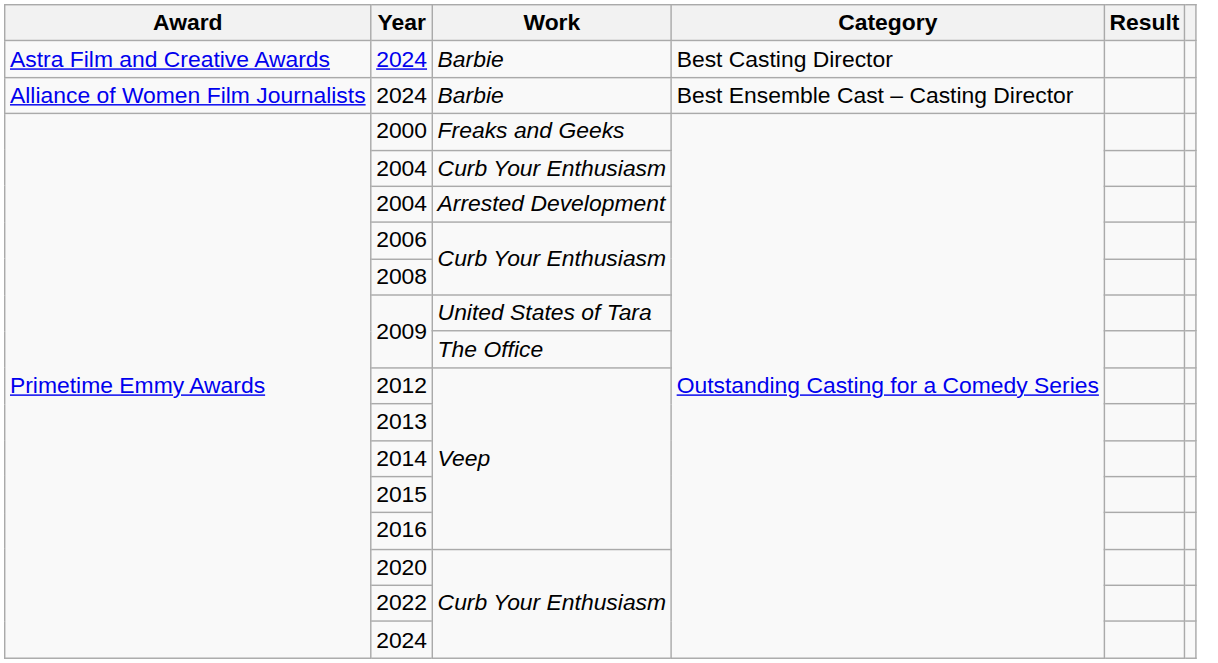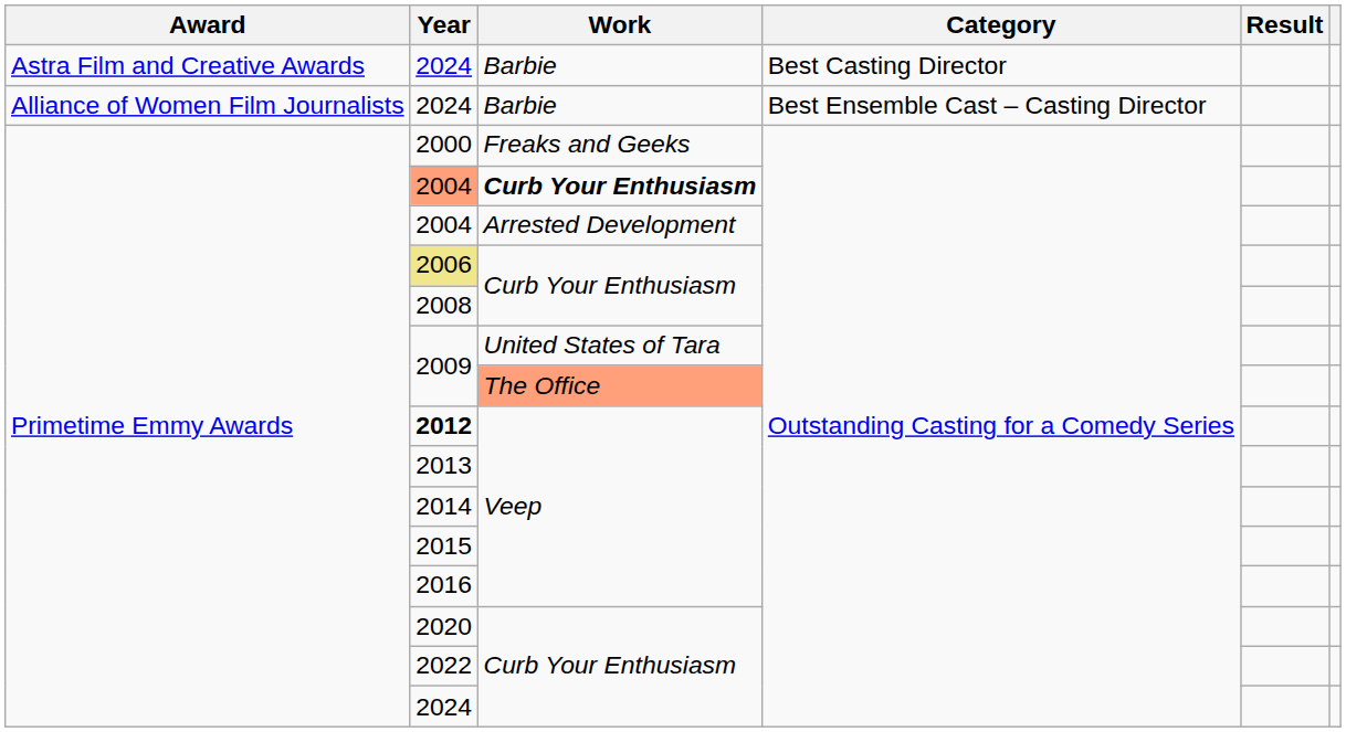 <table class="wikitable">
 <tr>
 <th scope="col">Award</th>
 <th scope="col">Year</th>
 <th scope="col">Work</th>
 <th scope="col">Category</th>
 <th scope="col">Result</th>
 <th scope="col"></th>
 </tr>
 <tr>
 <td><a href='#'>Astra Film and Creative Awards</a></td>
 <td><a href='#'>2024</a></td>
 <td><em>Barbie</em></td>
 <td>Best Casting Director</td>
 <td></td>
 <td></td>
 </tr>
 <tr>
 <td><a href='#'>Alliance of Women Film Journalists</a></td>
 <td>2024</td>
 <td><em>Barbie</em></td>
 <td>Best Ensemble Cast – Casting Director</td>
 <td></td>
 <td></td>
 </tr>
 <tr>
 <td rowspan="15"><a href='#'>Primetime Emmy Awards</a></td>
 <td>2000</td>
 <td><em>Freaks and Geeks</em></td>
 <td rowspan="15"><a href='#'>Outstanding Casting for a Comedy Series</a></td>
 <td></td>
 <td></td>
 </tr>
 <tr>
-<td>2004</td>
-<td><em>Curb Your Enthusiasm</em></td>
+<td style="background: lightsalmon;">2004</td>
+<td><strong><em>Curb Your Enthusiasm</em></strong></td>
 <td></td>
 <td></td>
 </tr>
 <tr>
 <td>2004</td>
 <td><em>Arrested Development</em></td>
 <td></td>
 <td></td>
 </tr>
 <tr>
-<td>2006</td>
+<td style="background: khaki;">2006</td>
 <td rowspan="2"><em>Curb Your Enthusiasm</em></td>
 <td></td>
 <td></td>
 </tr>
 <tr>
 <td>2008</td>
 <td></td>
 <td></td>
 </tr>
 <tr>
 <td rowspan="2">2009</td>
 <td><em>United States of Tara</em></td>
 <td></td>
 <td></td>
 </tr>
 <tr>
-<td><em>The Office</em></td>
+<td style="background: lightsalmon;"><em>The Office</em></td>
 <td></td>
 <td></td>
 </tr>
 <tr>
-<td>2012</td>
+<td><strong>2012</strong></td>
 <td rowspan="5"><em>Veep</em></td>
 <td></td>
 <td></td>
 </tr>
 <tr>
 <td>2013</td>
 <td></td>
 <td></td>
 </tr>
 <tr>
 <td>2014</td>
 <td></td>
 <td></td>
 </tr>
 <tr>
 <td>2015</td>
 <td></td>
 <td></td>
 </tr>
 <tr>
 <td>2016</td>
 <td></td>
 <td></td>
 </tr>
 <tr>
 <td>2020</td>
 <td rowspan="3"><em>Curb Your Enthusiasm</em></td>
 <td></td>
 <td></td>
 </tr>
 <tr>
 <td>2022</td>
 <td></td>
 <td></td>
 </tr>
 <tr>
 <td>2024</td>
 <td></td>
 <td></td>
 </tr>
 </table>
